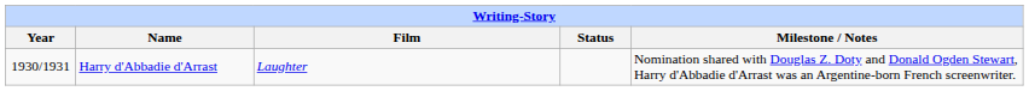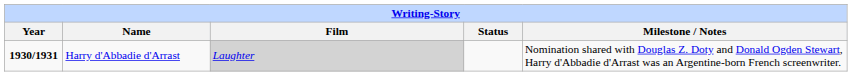 <table class="wikitable" style="text-align: left">
 <tr ---- bgcolor="#bfd7ff">
 <td colspan=6 align=center><strong><a href='#'>Writing-Story</a></strong></td>
 </tr>
 <tr ---- bgcolor="#ebf5ff">
 <th width="075">Year</th>
 <th width="200">Name</th>
 <th width="350">Film</th>
 <th width="075">Status</th>
 <th width="450">Milestone / Notes</th>
 </tr>
 <tr>
-<td style="text-align: center">1930/1931</td>
+<td style="text-align: center"><strong>1930/1931</strong></td>
 <td><a href='#'>Harry d'Abbadie d'Arrast</a></td>
-<td><em><a href='#'>Laughter</a></em></td>
+<td style="background: lightgrey;"><em><a href='#'>Laughter</a></em></td>
 <td></td>
 <td>Nomination shared with <a href='#'>Douglas Z. Doty</a> and <a href='#'>Donald Ogden Stewart</a>, Harry d'Abbadie d'Arrast was an Argentine-born French screenwriter.</td>
 </tr>
 </table>
